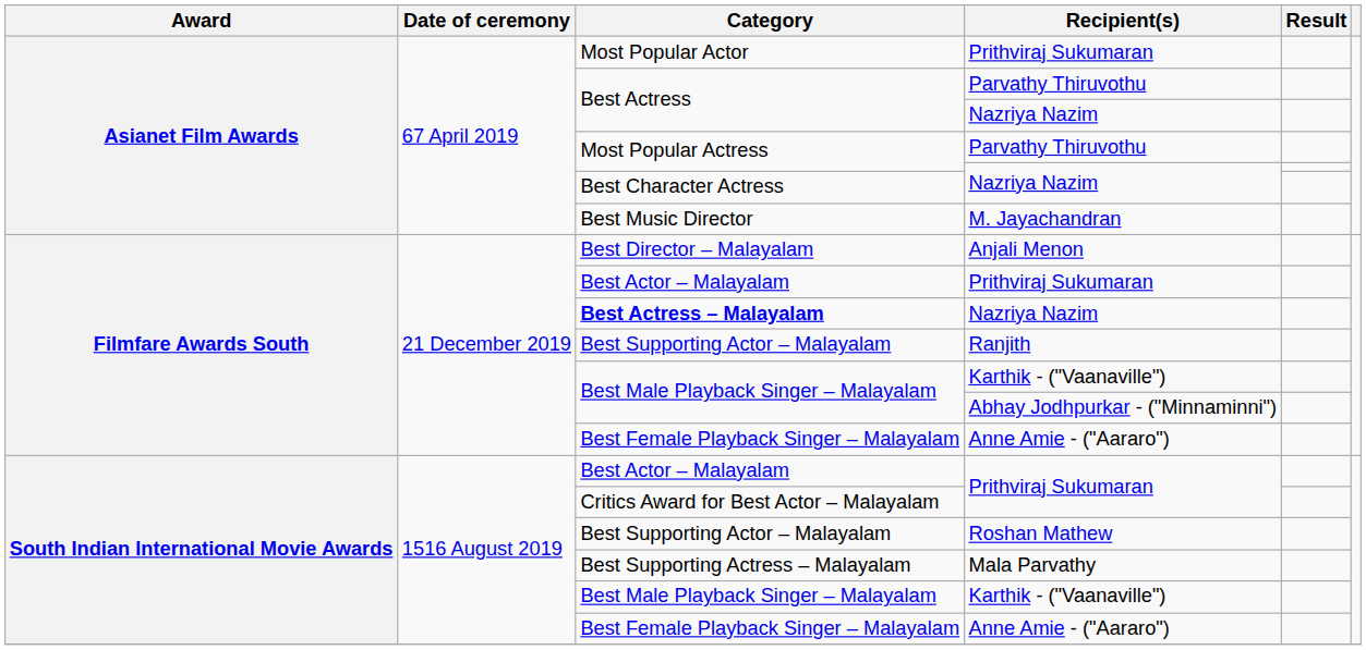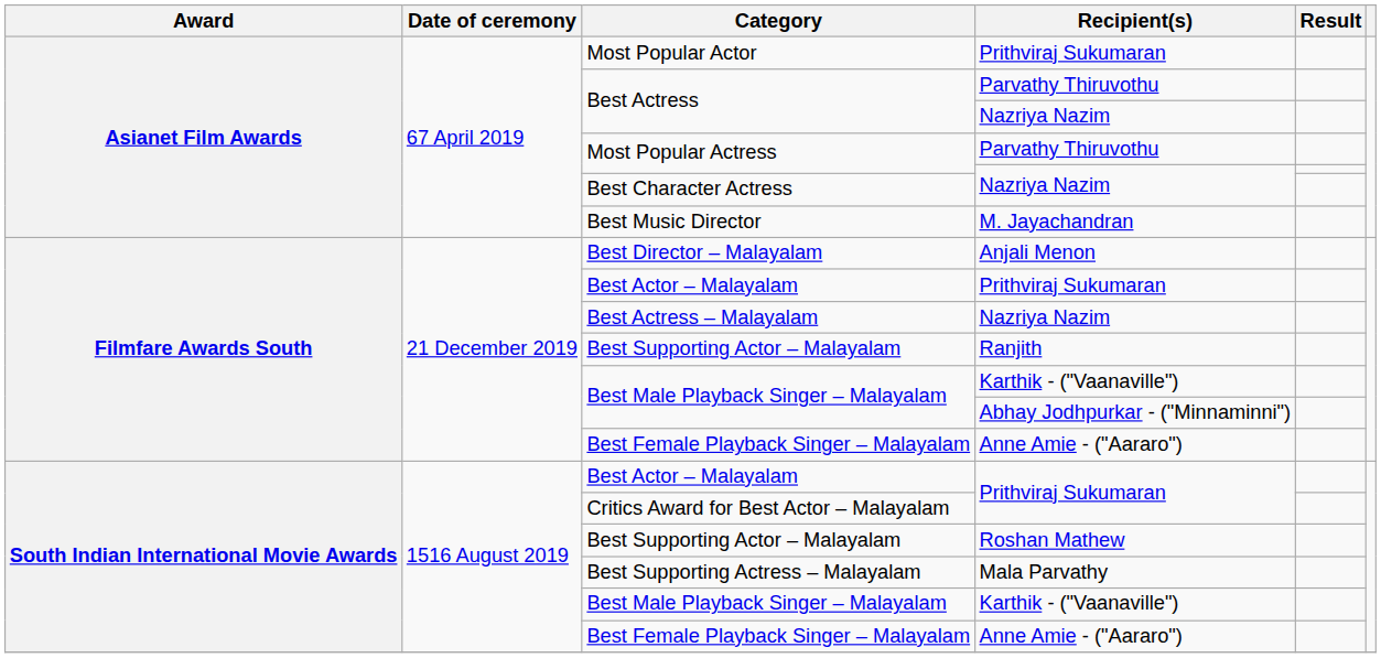 <table class="wikitable plainrowheaders sortable">
 <tr>
 <th scope="col">Award</th>
 <th scope="col">Date of ceremony</th>
 <th scope="col">Category</th>
 <th scope="col">Recipient(s)</th>
 <th scope="col" class="unsortable">Result</th>
 <th scope="col" class="unsortable"></th>
 </tr>
 <tr>
 <th scope="row" rowspan="7"><a href='#'>Asianet Film Awards</a></th>
 <td rowspan="7"><a href='#'>67 April 2019</a></td>
 <td>Most Popular Actor</td>
 <td><a href='#'>Prithviraj Sukumaran</a></td>
 <td></td>
 <td style="text-align:center;" rowspan="7"></td>
 </tr>
 <tr>
 <td rowspan="2">Best Actress</td>
 <td><a href='#'>Parvathy Thiruvothu</a></td>
 <td></td>
 </tr>
 <tr>
 <td><a href='#'>Nazriya Nazim</a></td>
 <td></td>
 </tr>
 <tr>
 <td rowspan="2">Most Popular Actress</td>
 <td><a href='#'>Parvathy Thiruvothu</a></td>
 <td></td>
 </tr>
 <tr>
 <td rowspan="2"><a href='#'>Nazriya Nazim</a></td>
 <td></td>
 </tr>
 <tr>
 <td>Best Character Actress</td>
 <td></td>
 </tr>
 <tr>
 <td>Best Music Director</td>
 <td><a href='#'>M. Jayachandran</a></td>
 <td></td>
 </tr>
 <tr>
 <th scope="row" rowspan="7"><a href='#'>Filmfare Awards South</a></th>
 <td rowspan="7"><a href='#'>21 December 2019</a></td>
 <td><a href='#'>Best Director – Malayalam</a></td>
 <td><a href='#'>Anjali Menon</a></td>
 <td></td>
 <td style="text-align:center;" rowspan="7"><br></td>
 </tr>
 <tr>
 <td><a href='#'>Best Actor – Malayalam</a></td>
 <td><a href='#'>Prithviraj Sukumaran</a></td>
 <td></td>
 </tr>
 <tr>
-<td><strong><a href='#'>Best Actress – Malayalam</a></strong></td>
+<td><a href='#'>Best Actress – Malayalam</a></td>
 <td><a href='#'>Nazriya Nazim</a></td>
 <td></td>
 </tr>
 <tr>
 <td><a href='#'>Best Supporting Actor – Malayalam</a></td>
 <td><a href='#'>Ranjith</a></td>
 <td></td>
 </tr>
 <tr>
 <td rowspan="2"><a href='#'>Best Male Playback Singer – Malayalam</a></td>
 <td><a href='#'>Karthik</a> - ("Vaanaville")</td>
 <td></td>
 </tr>
 <tr>
 <td><a href='#'>Abhay Jodhpurkar</a> - ("Minnaminni")</td>
 <td></td>
 </tr>
 <tr>
 <td><a href='#'>Best Female Playback Singer – Malayalam</a></td>
 <td><a href='#'>Anne Amie</a> - ("Aararo")</td>
 <td></td>
 </tr>
 <tr>
 <th scope="row" rowspan="6"><a href='#'>South Indian International Movie Awards</a></th>
 <td rowspan="6"><a href='#'>1516 August 2019</a></td>
 <td><a href='#'>Best Actor – Malayalam</a></td>
 <td rowspan="2"><a href='#'>Prithviraj Sukumaran</a></td>
 <td></td>
 <td style="text-align:center;" rowspan="6"><br></td>
 </tr>
 <tr>
 <td>Critics Award for Best Actor – Malayalam</td>
 <td></td>
 </tr>
 <tr>
 <td>Best Supporting Actor – Malayalam</td>
 <td><a href='#'>Roshan Mathew</a></td>
 <td></td>
 </tr>
 <tr>
 <td>Best Supporting Actress – Malayalam</td>
 <td>Mala Parvathy</td>
 <td></td>
 </tr>
 <tr>
 <td><a href='#'>Best Male Playback Singer – Malayalam</a></td>
 <td><a href='#'>Karthik</a> - ("Vaanaville")</td>
 <td></td>
 </tr>
 <tr>
 <td><a href='#'>Best Female Playback Singer – Malayalam</a></td>
 <td><a href='#'>Anne Amie</a> - ("Aararo")</td>
 <td></td>
 </tr>
 <tr>
 </tr>
 </table>
